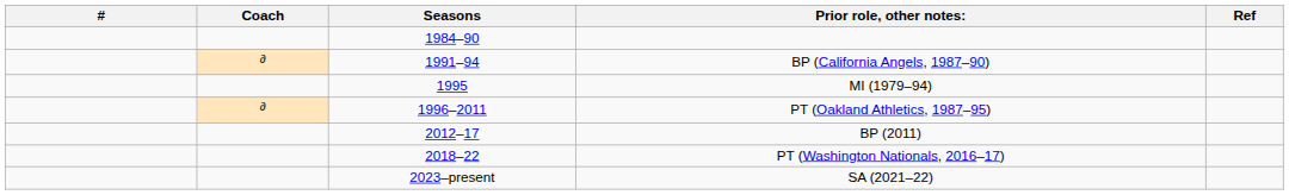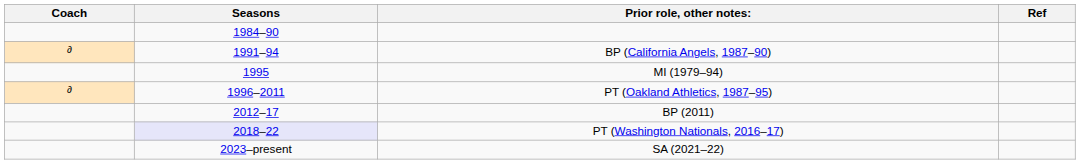 <table class="wikitable sortable" style="text-align:center; width:74%">
 <tr>
-<th width="15%">#</th>
 <th>Coach</th>
 <th>Seasons</th>
 <th class="unsortable">Prior role, other notes:</th>
 <th class="unsortable">Ref</th>
 </tr>
 <tr>
 <td></td>
-<td></td>
 <td><a href='#'>1984</a>–<a href='#'>90</a></td>
 <td></td>
 <td></td>
 </tr>
 <tr>
-<td></td>
 <td style="background-color:#ffe6bd"> <sup>∂</sup></td>
 <td><a href='#'>1991</a>–<a href='#'>94</a></td>
 <td>BP (<a href='#'>California Angels</a>, <a href='#'>1987</a>–<a href='#'>90</a>)</td>
 <td></td>
 </tr>
 <tr>
 <td></td>
-<td></td>
 <td><a href='#'>1995</a></td>
 <td>MI (1979–94)</td>
 <td></td>
 </tr>
 <tr>
-<td></td>
 <td style="background-color:#ffe6bd"> <sup>∂</sup></td>
 <td><a href='#'>1996</a>–<a href='#'>2011</a></td>
 <td>PT (<a href='#'>Oakland Athletics</a>, <a href='#'>1987</a>–<a href='#'>95</a>)</td>
 <td></td>
 </tr>
 <tr>
 <td></td>
-<td></td>
 <td><a href='#'>2012</a>–<a href='#'>17</a></td>
 <td>BP (2011)</td>
 <td></td>
 </tr>
 <tr>
 <td></td>
-<td></td>
-<td><a href='#'>2018</a>–<a href='#'>22</a></td>
+<td style="background: lavender;"><a href='#'>2018</a>–<a href='#'>22</a></td>
 <td>PT (<a href='#'>Washington Nationals</a>, <a href='#'>2016</a>–<a href='#'>17</a>)</td>
 <td></td>
 </tr>
 <tr>
-<td></td>
 <td></td>
 <td><a href='#'>2023</a>–present</td>
 <td>SA (2021–22)</td>
 <td></td>
 </tr>
 </table>
